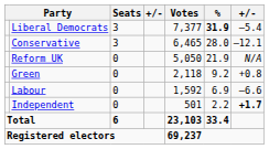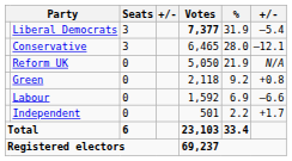 <table class="wikitable sortable">
 <tr>
 <th colspan="2">Party</th>
 <th>Seats</th>
 <th>+/-</th>
 <th>Votes</th>
 <th>%</th>
 <th>+/-</th>
 </tr>
 <tr>
 <td style="background-color: "></td>
 <td><a href='#'>Liberal Democrats</a></td>
 <td>3</td>
 <td></td>
-<td style="text-align:right;">7,377</td>
-<td style="text-align:right;"><strong>31.9</strong></td>
+<td style="text-align:right;"><strong>7,377</strong></td>
+<td style="text-align:right;">31.9</td>
 <td style="text-align:right;">–5.4</td>
 </tr>
 <tr>
 <td style="background-color: "></td>
 <td><a href='#'>Conservative</a></td>
 <td>3</td>
 <td></td>
 <td style="text-align:right;">6,465</td>
 <td style="text-align:right;">28.0</td>
 <td style="text-align:right;">–12.1</td>
 </tr>
 <tr>
 <td style="background-color: "></td>
 <td><a href='#'>Reform UK</a></td>
 <td>0</td>
 <td></td>
 <td style="text-align:right;">5,050</td>
 <td style="text-align:right;">21.9</td>
 <td style="text-align:right;"><em>N/A</em></td>
 </tr>
 <tr>
 <td style="background-color: "></td>
 <td><a href='#'>Green</a></td>
 <td>0</td>
 <td></td>
 <td style="text-align:right;">2,118</td>
 <td style="text-align:right;">9.2</td>
 <td style="text-align:right;">+0.8</td>
 </tr>
 <tr>
 <td style="background-color: "></td>
 <td><a href='#'>Labour</a></td>
 <td>0</td>
 <td></td>
 <td style="text-align:right;">1,592</td>
 <td style="text-align:right;">6.9</td>
 <td style="text-align:right;">–6.6</td>
 </tr>
 <tr>
 <td style="background-color: "></td>
 <td><a href='#'>Independent</a></td>
 <td>0</td>
 <td></td>
 <td style="text-align:right;">501</td>
 <td style="text-align:right;">2.2</td>
-<td style="text-align:right;"><strong>+1.7</strong></td>
+<td style="text-align:right;">+1.7</td>
 </tr>
 <tr>
 <td colspan="2"><strong>Total</strong></td>
 <td><strong>6</strong></td>
 <td></td>
 <td style="text-align:right;"><strong>23,103</strong></td>
 <td style="text-align:right;"><strong>33.4</strong></td>
 <td style="text-align:right;"></td>
 </tr>
 <tr>
 <td colspan="4"><strong>Registered electors</strong></td>
 <td colspan="3" style="text-align:left;"><strong>69,237</strong></td>
 </tr>
 </table>
